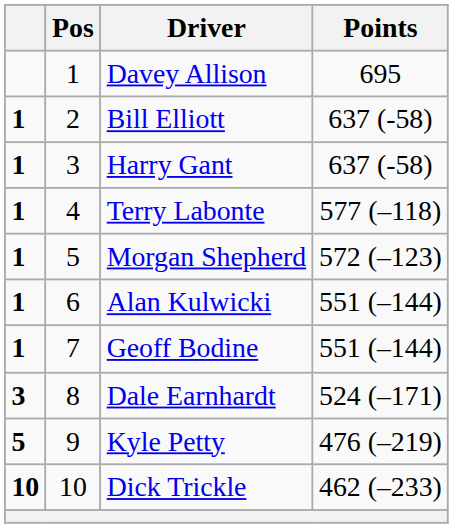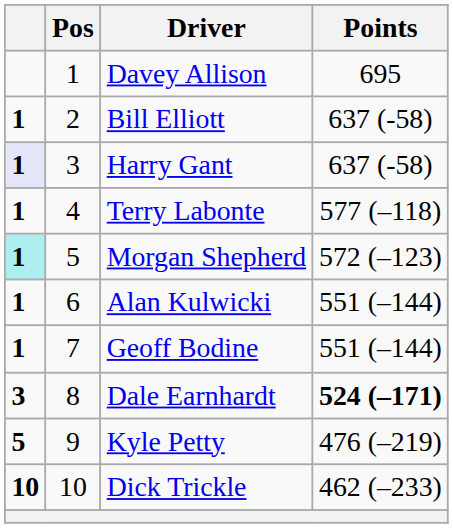 <table class="wikitable" style="font-size: 95%;">
 <tr>
 <th></th>
 <th>Pos</th>
 <th>Driver</th>
 <th>Points</th>
 </tr>
 <tr>
 <td align="left"></td>
 <td style="text-align:center;">1</td>
 <td><a href='#'>Davey Allison</a></td>
 <td style="text-align:center;">695</td>
 </tr>
 <tr>
 <td align="left"> <strong>1</strong></td>
 <td style="text-align:center;">2</td>
 <td><a href='#'>Bill Elliott</a></td>
 <td style="text-align:center;">637 (-58)</td>
 </tr>
 <tr>
-<td align="left"> <strong>1</strong></td>
+<td align="left" style="background: lavender;"> <strong>1</strong></td>
 <td style="text-align:center;">3</td>
 <td><a href='#'>Harry Gant</a></td>
 <td style="text-align:center;">637 (-58)</td>
 </tr>
 <tr>
 <td align="left"> <strong>1</strong></td>
 <td style="text-align:center;">4</td>
 <td><a href='#'>Terry Labonte</a></td>
 <td style="text-align:center;">577 (–118)</td>
 </tr>
 <tr>
-<td align="left"> <strong>1</strong></td>
+<td align="left" style="background: paleturquoise;"> <strong>1</strong></td>
 <td style="text-align:center;">5</td>
 <td><a href='#'>Morgan Shepherd</a></td>
 <td style="text-align:center;">572 (–123)</td>
 </tr>
 <tr>
 <td align="left"> <strong>1</strong></td>
 <td style="text-align:center;">6</td>
 <td><a href='#'>Alan Kulwicki</a></td>
 <td style="text-align:center;">551 (–144)</td>
 </tr>
 <tr>
 <td align="left"> <strong>1</strong></td>
 <td style="text-align:center;">7</td>
 <td><a href='#'>Geoff Bodine</a></td>
 <td style="text-align:center;">551 (–144)</td>
 </tr>
 <tr>
 <td align="left"> <strong>3</strong></td>
 <td style="text-align:center;">8</td>
 <td><a href='#'>Dale Earnhardt</a></td>
-<td style="text-align:center;">524 (–171)</td>
+<td style="text-align:center;"><strong>524 (–171)</strong></td>
 </tr>
 <tr>
 <td align="left"> <strong>5</strong></td>
 <td style="text-align:center;">9</td>
 <td><a href='#'>Kyle Petty</a></td>
 <td style="text-align:center;">476 (–219)</td>
 </tr>
 <tr>
 <td align="left"> <strong>10</strong></td>
 <td style="text-align:center;">10</td>
 <td><a href='#'>Dick Trickle</a></td>
 <td style="text-align:center;">462 (–233)</td>
 </tr>
 <tr class="sortbottom">
 <th colspan="9"></th>
 </tr>
 </table>
